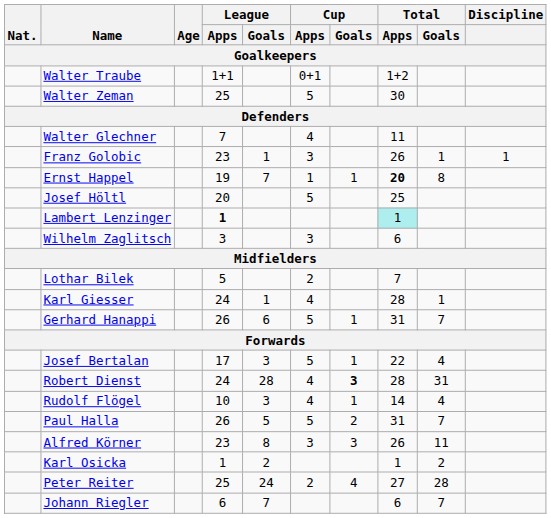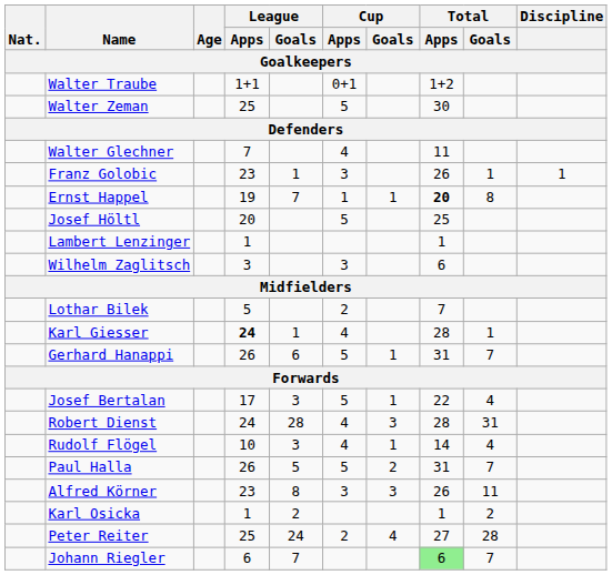 <table class="wikitable" style="text-align:center">
 <tr>
 <th rowspan="2" valign="bottom">Nat.</th>
 <th rowspan="2" valign="bottom">Name</th>
 <th rowspan="2" valign="bottom">Age</th>
 <th colspan="2" width="85">League</th>
 <th colspan="2" width="85">Cup</th>
 <th colspan="2" width="85">Total</th>
 <th>Discipline</th>
 </tr>
 <tr>
 <th>Apps</th>
 <th>Goals</th>
 <th>Apps</th>
 <th>Goals</th>
 <th>Apps</th>
 <th>Goals</th>
 <th></th>
 </tr>
 <tr>
 <th colspan=20>Goalkeepers</th>
 </tr>
 <tr>
 <td></td>
 <td align="left"><a href='#'>Walter Traube</a></td>
 <td></td>
 <td>1+1</td>
 <td></td>
 <td>0+1</td>
 <td></td>
 <td>1+2</td>
 <td></td>
 <td></td>
 </tr>
 <tr>
 <td></td>
 <td align="left"><a href='#'>Walter Zeman</a></td>
 <td></td>
 <td>25</td>
 <td></td>
 <td>5</td>
 <td></td>
 <td>30</td>
 <td></td>
 <td></td>
 </tr>
 <tr>
 <th colspan=20>Defenders</th>
 </tr>
 <tr>
 <td></td>
 <td align="left"><a href='#'>Walter Glechner</a></td>
 <td></td>
 <td>7</td>
 <td></td>
 <td>4</td>
 <td></td>
 <td>11</td>
 <td></td>
 <td></td>
 </tr>
 <tr>
 <td></td>
 <td align="left"><a href='#'>Franz Golobic</a></td>
 <td></td>
 <td>23</td>
 <td>1</td>
 <td>3</td>
 <td></td>
 <td>26</td>
 <td>1</td>
 <td>1</td>
 </tr>
 <tr>
 <td></td>
 <td align="left"><a href='#'>Ernst Happel</a></td>
 <td></td>
 <td>19</td>
 <td>7</td>
 <td>1</td>
 <td>1</td>
 <td><strong>20</strong></td>
 <td>8</td>
 <td></td>
 </tr>
 <tr>
 <td></td>
 <td align="left"><a href='#'>Josef Höltl</a></td>
 <td></td>
 <td>20</td>
 <td></td>
 <td>5</td>
 <td></td>
 <td>25</td>
 <td></td>
 <td></td>
 </tr>
 <tr>
 <td></td>
 <td align="left"><a href='#'>Lambert Lenzinger</a></td>
 <td></td>
-<td><strong>1</strong></td>
+<td>1</td>
 <td></td>
 <td></td>
 <td></td>
-<td style="background: paleturquoise;">1</td>
+<td>1</td>
 <td></td>
 <td></td>
 </tr>
 <tr>
 <td></td>
 <td align="left"><a href='#'>Wilhelm Zaglitsch</a></td>
 <td></td>
 <td>3</td>
 <td></td>
 <td>3</td>
 <td></td>
 <td>6</td>
 <td></td>
 <td></td>
 </tr>
 <tr>
 <th colspan=20>Midfielders</th>
 </tr>
 <tr>
 <td></td>
 <td align="left"><a href='#'>Lothar Bilek</a></td>
 <td></td>
 <td>5</td>
 <td></td>
 <td>2</td>
 <td></td>
 <td>7</td>
 <td></td>
 <td></td>
 </tr>
 <tr>
 <td></td>
 <td align="left"><a href='#'>Karl Giesser</a></td>
 <td></td>
-<td>24</td>
+<td><strong>24</strong></td>
 <td>1</td>
 <td>4</td>
 <td></td>
 <td>28</td>
 <td>1</td>
 <td></td>
 </tr>
 <tr>
 <td></td>
 <td align="left"><a href='#'>Gerhard Hanappi</a></td>
 <td></td>
 <td>26</td>
 <td>6</td>
 <td>5</td>
 <td>1</td>
 <td>31</td>
 <td>7</td>
 <td></td>
 </tr>
 <tr>
 <th colspan=20>Forwards</th>
 </tr>
 <tr>
 <td></td>
 <td align="left"><a href='#'>Josef Bertalan</a></td>
 <td></td>
 <td>17</td>
 <td>3</td>
 <td>5</td>
 <td>1</td>
 <td>22</td>
 <td>4</td>
 <td></td>
 </tr>
 <tr>
 <td></td>
 <td align="left"><a href='#'>Robert Dienst</a></td>
 <td></td>
 <td>24</td>
 <td>28</td>
 <td>4</td>
-<td><strong>3</strong></td>
+<td>3</td>
 <td>28</td>
 <td>31</td>
 <td></td>
 </tr>
 <tr>
 <td></td>
 <td align="left"><a href='#'>Rudolf Flögel</a></td>
 <td></td>
 <td>10</td>
 <td>3</td>
 <td>4</td>
 <td>1</td>
 <td>14</td>
 <td>4</td>
 <td></td>
 </tr>
 <tr>
 <td></td>
 <td align="left"><a href='#'>Paul Halla</a></td>
 <td></td>
 <td>26</td>
 <td>5</td>
 <td>5</td>
 <td>2</td>
 <td>31</td>
 <td>7</td>
 <td></td>
 </tr>
 <tr>
 <td></td>
 <td align="left"><a href='#'>Alfred Körner</a></td>
 <td></td>
 <td>23</td>
 <td>8</td>
 <td>3</td>
 <td>3</td>
 <td>26</td>
 <td>11</td>
 <td></td>
 </tr>
 <tr>
 <td></td>
 <td align="left"><a href='#'>Karl Osicka</a></td>
 <td></td>
 <td>1</td>
 <td>2</td>
 <td></td>
 <td></td>
 <td>1</td>
 <td>2</td>
 <td></td>
 </tr>
 <tr>
 <td></td>
 <td align="left"><a href='#'>Peter Reiter</a></td>
 <td></td>
 <td>25</td>
 <td>24</td>
 <td>2</td>
 <td>4</td>
 <td>27</td>
 <td>28</td>
 <td></td>
 </tr>
 <tr>
 <td></td>
 <td align="left"><a href='#'>Johann Riegler</a></td>
 <td></td>
 <td>6</td>
 <td>7</td>
 <td></td>
 <td></td>
-<td>6</td>
+<td style="background: lightgreen;">6</td>
 <td>7</td>
 <td></td>
 </tr>
 </table>
